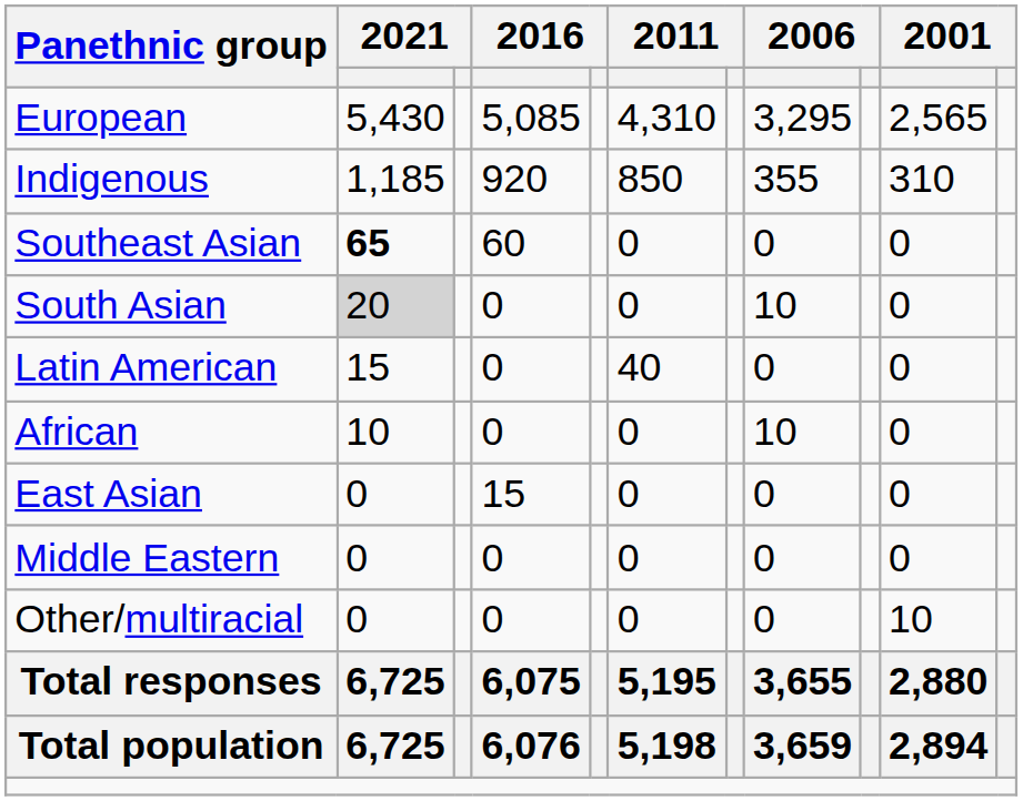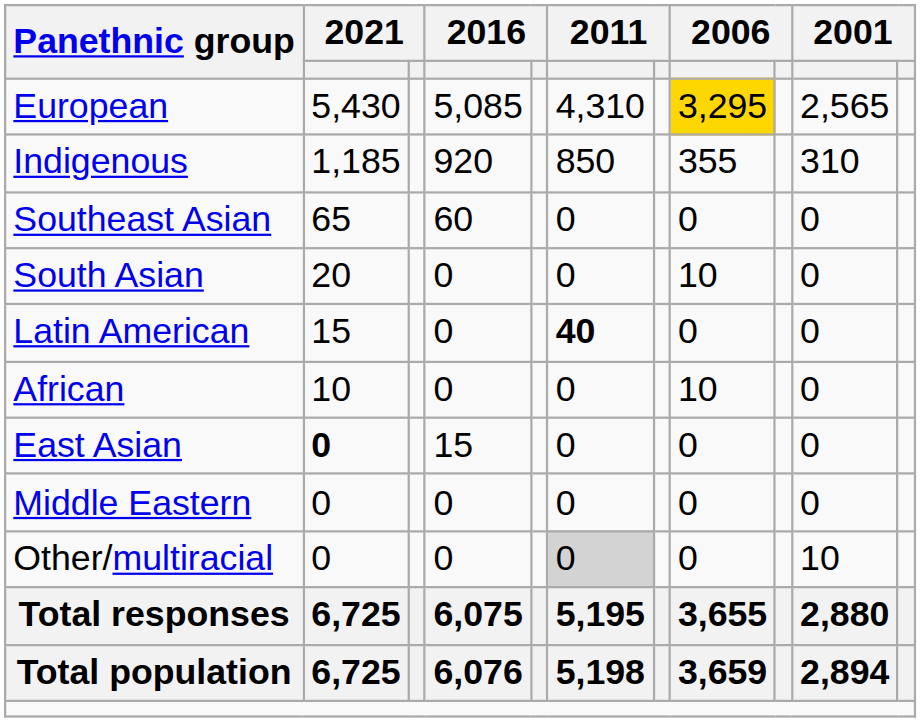 <table class="wikitable collapsible sortable">
 <tr>
 <th rowspan="2"><a href='#'>Panethnic</a> group</th>
 <th colspan="2">2021</th>
 <th colspan="2">2016</th>
 <th colspan="2">2011</th>
 <th colspan="2">2006</th>
 <th colspan="2">2001</th>
 </tr>
 <tr>
 <th><a href='#'></a></th>
 <th></th>
 <th></th>
 <th></th>
 <th></th>
 <th></th>
 <th></th>
 <th></th>
 <th></th>
 <th></th>
 </tr>
 <tr>
 <td><a href='#'>European</a></td>
 <td>5,430</td>
 <td></td>
 <td>5,085</td>
 <td></td>
 <td>4,310</td>
 <td></td>
-<td>3,295</td>
+<td style="background: gold;">3,295</td>
 <td></td>
 <td>2,565</td>
 <td></td>
 </tr>
 <tr>
 <td><a href='#'>Indigenous</a></td>
 <td>1,185</td>
 <td></td>
 <td>920</td>
 <td></td>
 <td>850</td>
 <td></td>
 <td>355</td>
 <td></td>
 <td>310</td>
 <td></td>
 </tr>
 <tr>
 <td><a href='#'>Southeast Asian</a></td>
-<td><strong>65</strong></td>
+<td>65</td>
 <td></td>
 <td>60</td>
 <td></td>
 <td>0</td>
 <td></td>
 <td>0</td>
 <td></td>
 <td>0</td>
 <td></td>
 </tr>
 <tr>
 <td><a href='#'>South Asian</a></td>
-<td style="background: lightgrey;">20</td>
+<td>20</td>
 <td></td>
 <td>0</td>
 <td></td>
 <td>0</td>
 <td></td>
 <td>10</td>
 <td></td>
 <td>0</td>
 <td></td>
 </tr>
 <tr>
 <td><a href='#'>Latin American</a></td>
 <td>15</td>
 <td></td>
 <td>0</td>
 <td></td>
-<td>40</td>
+<td><strong>40</strong></td>
 <td></td>
 <td>0</td>
 <td></td>
 <td>0</td>
 <td></td>
 </tr>
 <tr>
 <td><a href='#'>African</a></td>
 <td>10</td>
 <td></td>
 <td>0</td>
 <td></td>
 <td>0</td>
 <td></td>
 <td>10</td>
 <td></td>
 <td>0</td>
 <td></td>
 </tr>
 <tr>
 <td><a href='#'>East Asian</a></td>
-<td>0</td>
+<td><strong>0</strong></td>
 <td></td>
 <td>15</td>
 <td></td>
 <td>0</td>
 <td></td>
 <td>0</td>
 <td></td>
 <td>0</td>
 <td></td>
 </tr>
 <tr>
 <td><a href='#'>Middle Eastern</a></td>
 <td>0</td>
 <td></td>
 <td>0</td>
 <td></td>
 <td>0</td>
 <td></td>
 <td>0</td>
 <td></td>
 <td>0</td>
 <td></td>
 </tr>
 <tr>
 <td>Other/<a href='#'>multiracial</a></td>
 <td>0</td>
 <td></td>
 <td>0</td>
 <td></td>
-<td>0</td>
+<td style="background: lightgrey;">0</td>
 <td></td>
 <td>0</td>
 <td></td>
 <td>10</td>
 <td></td>
 </tr>
 <tr>
 <th>Total responses</th>
 <th>6,725</th>
 <th></th>
 <th>6,075</th>
 <th></th>
 <th>5,195</th>
 <th></th>
 <th>3,655</th>
 <th></th>
 <th>2,880</th>
 <th></th>
 </tr>
 <tr class="sortbottom">
 <th>Total population</th>
 <th>6,725</th>
 <th></th>
 <th>6,076</th>
 <th></th>
 <th>5,198</th>
 <th></th>
 <th>3,659</th>
 <th></th>
 <th>2,894</th>
 <th></th>
 </tr>
 <tr class="sortbottom">
 <td colspan="11"></td>
 </tr>
 </table>
